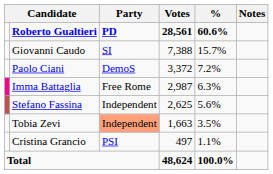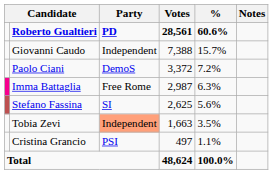 <table class="wikitable" style="font-size:95%">
 <tr style="background:#efefef;">
 <th colspan=2>Candidate</th>
 <th>Party</th>
 <th>Votes</th>
 <th>%</th>
 <th>Notes</th>
 </tr>
 <tr>
 <td></td>
 <td><strong><a href='#'>Roberto Gualtieri</a></strong></td>
 <td><strong><a href='#'>PD</a></strong></td>
 <td align=right><strong>28,561</strong></td>
 <td><strong>60.6%</strong></td>
 <td></td>
 </tr>
 <tr>
 <td bgcolor=""></td>
 <td>Giovanni Caudo</td>
-<td><a href='#'>SI</a></td>
+<td>Independent</td>
 <td align=right>7,388</td>
 <td>15.7%</td>
 <td></td>
 </tr>
 <tr>
 <td></td>
 <td><a href='#'>Paolo Ciani</a></td>
 <td><a href='#'>DemoS</a></td>
 <td align=right>3,372</td>
 <td>7.2%</td>
 <td></td>
 </tr>
 <tr>
 <td style="color:inherit;background:#F7008E"></td>
 <td><a href='#'>Imma Battaglia</a></td>
 <td>Free Rome</td>
 <td align=right>2,987</td>
 <td>6.3%</td>
 <td></td>
 </tr>
 <tr>
 <td style="color:inherit;background:#BD5050"></td>
 <td><a href='#'>Stefano Fassina</a></td>
-<td>Independent</td>
+<td><a href='#'>SI</a></td>
 <td align=right>2,625</td>
 <td>5.6%</td>
 <td></td>
 </tr>
 <tr>
 <td bgcolor=""></td>
 <td>Tobia Zevi</td>
 <td style="background: lightsalmon;">Independent</td>
 <td align=right>1,663</td>
 <td>3.5%</td>
 <td></td>
 </tr>
 <tr>
 <td></td>
 <td>Cristina Grancio</td>
 <td><a href='#'>PSI</a></td>
 <td align=right>497</td>
 <td>1.1%</td>
 <td></td>
 </tr>
 <tr>
 <td align="left" colspan=3><strong>Total</strong></td>
 <td align="right"><strong>48,624</strong></td>
 <td align="right"><strong>100.0%</strong></td>
 <td align="right"></td>
 </tr>
 </table>
